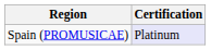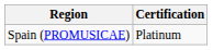 <table class="wikitable sortable">
 <tr>
 <th>Region</th>
 <th>Certification</th>
 </tr>
 <tr>
 <td>Spain (<a href='#'>PROMUSICAE</a>)</td>
-<td style="background: lavender;">Platinum</td>
+<td>Platinum</td>
 </tr>
 </table>
